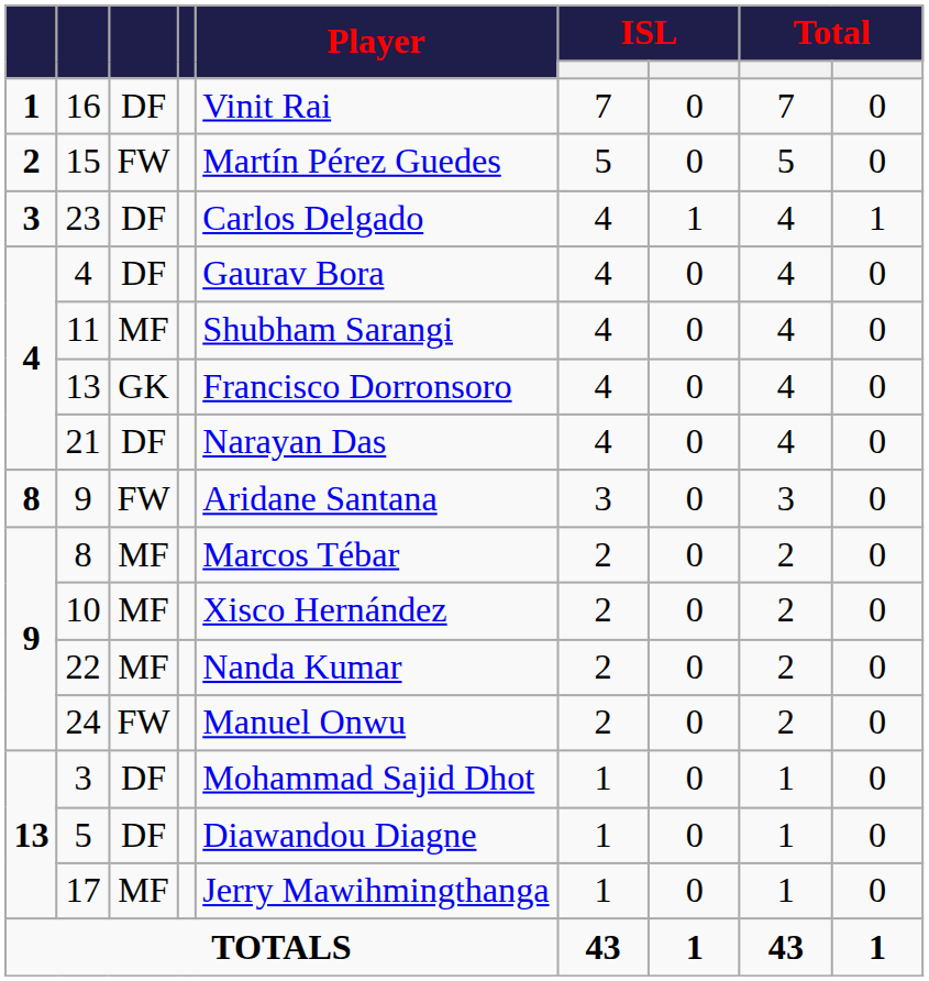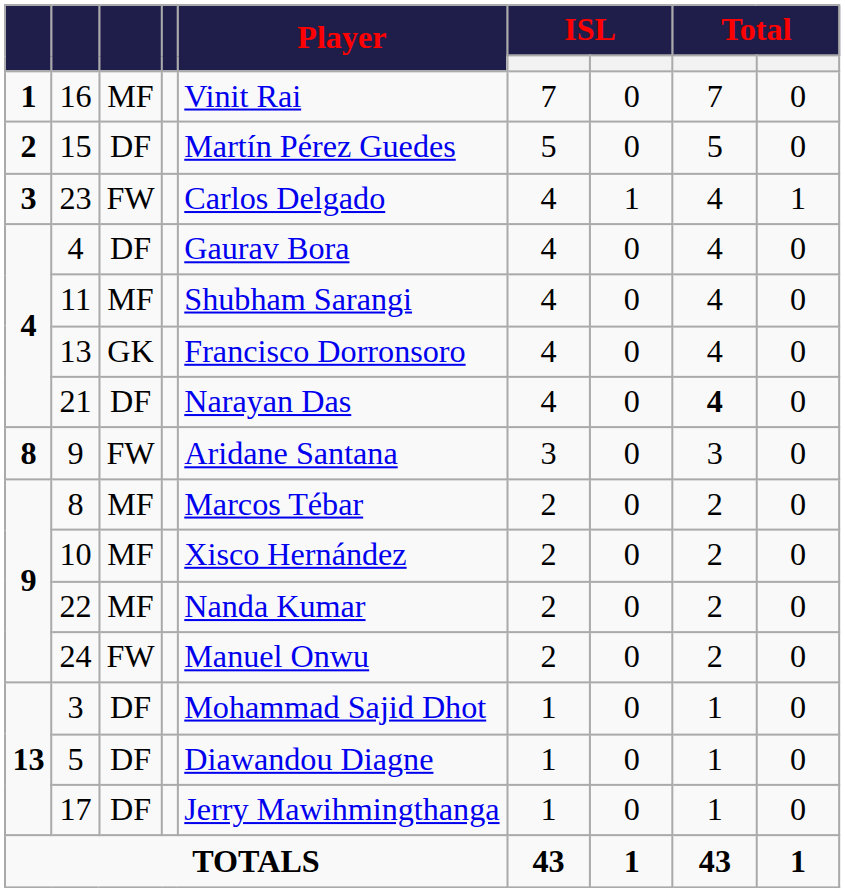 <table class="wikitable" style="text-align:center;">
 <tr>
 <th rowspan="2" style="background:#1f1d4a; color:#FF0000;!width=15"></th>
 <th rowspan="2" style="background:#1f1d4a; color:#FF0000;!width=15"></th>
 <th rowspan="2" style="background:#1f1d4a; color:#FF0000;!width=15"></th>
 <th rowspan="2" style="background:#1f1d4a; color:#FF0000;!width=15"></th>
 <th rowspan="2" style="background:#1f1d4a; color:#FF0000;">Player</th>
 <th colspan="2" style="background:#1f1d4a; color:#FF0000;">ISL</th>
 <th colspan="2" style="background:#1f1d4a; color:#FF0000;">Total</th>
 </tr>
 <tr>
 <th width=34; background:#1f1d4a;></th>
 <th width=34; background:#1f1d4a;></th>
 <th width=34; background:#1f1d4a;></th>
 <th width=34; background:#1f1d4a;></th>
 </tr>
 <tr>
 <td rowspan=1><strong>1</strong></td>
 <td>16</td>
-<td>DF</td>
+<td>MF</td>
 <td></td>
 <td style="text-align:left;"><a href='#'>Vinit Rai</a></td>
 <td>7</td>
 <td>0</td>
 <td>7</td>
 <td>0</td>
 </tr>
 <tr>
 <td rowspan=1><strong>2</strong></td>
 <td>15</td>
-<td>FW</td>
+<td>DF</td>
 <td></td>
 <td style="text-align:left;"><a href='#'>Martín Pérez Guedes</a></td>
 <td>5</td>
 <td>0</td>
 <td>5</td>
 <td>0</td>
 </tr>
 <tr>
 <td rowspan=1><strong>3</strong></td>
 <td>23</td>
-<td>DF</td>
+<td>FW</td>
 <td></td>
 <td style="text-align:left;"><a href='#'>Carlos Delgado</a></td>
 <td>4</td>
 <td>1</td>
 <td>4</td>
 <td>1</td>
 </tr>
 <tr>
 <td rowspan=4><strong>4</strong></td>
 <td>4</td>
 <td>DF</td>
 <td></td>
 <td style="text-align:left;"><a href='#'>Gaurav Bora</a></td>
 <td>4</td>
 <td>0</td>
 <td>4</td>
 <td>0</td>
 </tr>
 <tr>
 <td>11</td>
 <td>MF</td>
 <td></td>
 <td style="text-align:left;"><a href='#'>Shubham Sarangi</a></td>
 <td>4</td>
 <td>0</td>
 <td>4</td>
 <td>0</td>
 </tr>
 <tr>
 <td>13</td>
 <td>GK</td>
 <td></td>
 <td style="text-align:left;"><a href='#'>Francisco Dorronsoro</a></td>
 <td>4</td>
 <td>0</td>
 <td>4</td>
 <td>0</td>
 </tr>
 <tr>
 <td>21</td>
 <td>DF</td>
 <td></td>
 <td style="text-align:left;"><a href='#'>Narayan Das</a></td>
 <td>4</td>
 <td>0</td>
-<td>4</td>
+<td><strong>4</strong></td>
 <td>0</td>
 </tr>
 <tr>
 <td rowspan=1><strong>8</strong></td>
 <td>9</td>
 <td>FW</td>
 <td></td>
 <td style="text-align:left;"><a href='#'>Aridane Santana</a></td>
 <td>3</td>
 <td>0</td>
 <td>3</td>
 <td>0</td>
 </tr>
 <tr>
 <td rowspan=4><strong>9</strong></td>
 <td>8</td>
 <td>MF</td>
 <td></td>
 <td style="text-align:left;"><a href='#'>Marcos Tébar</a></td>
 <td>2</td>
 <td>0</td>
 <td>2</td>
 <td>0</td>
 </tr>
 <tr>
 <td>10</td>
 <td>MF</td>
 <td></td>
 <td style="text-align:left;"><a href='#'>Xisco Hernández</a></td>
 <td>2</td>
 <td>0</td>
 <td>2</td>
 <td>0</td>
 </tr>
 <tr>
 <td>22</td>
 <td>MF</td>
 <td></td>
 <td style="text-align:left;"><a href='#'>Nanda Kumar</a></td>
 <td>2</td>
 <td>0</td>
 <td>2</td>
 <td>0</td>
 </tr>
 <tr>
 <td>24</td>
 <td>FW</td>
 <td></td>
 <td style="text-align:left;"><a href='#'>Manuel Onwu</a></td>
 <td>2</td>
 <td>0</td>
 <td>2</td>
 <td>0</td>
 </tr>
 <tr>
 <td rowspan=3><strong>13</strong></td>
 <td>3</td>
 <td>DF</td>
 <td></td>
 <td style="text-align:left;"><a href='#'>Mohammad Sajid Dhot</a></td>
 <td>1</td>
 <td>0</td>
 <td>1</td>
 <td>0</td>
 </tr>
 <tr>
 <td>5</td>
 <td>DF</td>
 <td></td>
 <td style="text-align:left;"><a href='#'>Diawandou Diagne</a></td>
 <td>1</td>
 <td>0</td>
 <td>1</td>
 <td>0</td>
 </tr>
 <tr>
 <td>17</td>
-<td>MF</td>
+<td>DF</td>
 <td></td>
 <td style="text-align:left;"><a href='#'>Jerry Mawihmingthanga</a></td>
 <td>1</td>
 <td>0</td>
 <td>1</td>
 <td>0</td>
 </tr>
 <tr>
 <td colspan=5><strong>TOTALS</strong></td>
 <td><strong>43</strong></td>
 <td><strong>1</strong></td>
 <td><strong>43</strong></td>
 <td><strong>1</strong></td>
 </tr>
 </table>
